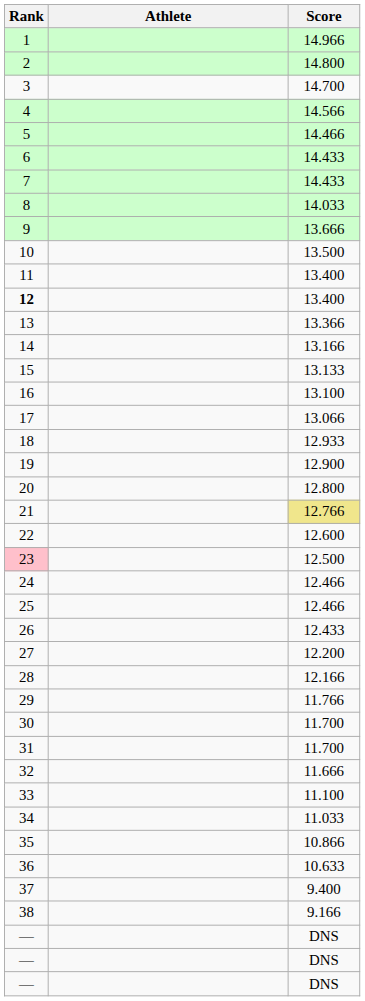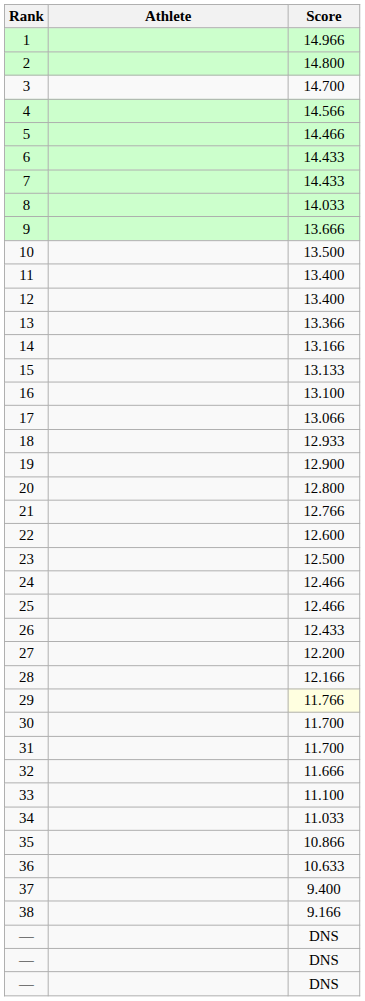 <table class=wikitable style="text-align:center">
 <tr>
 <th width=40>Rank</th>
 <th width=250>Athlete</th>
 <th width=70>Score</th>
 </tr>
 <tr bgcolor="ccffcc">
 <td>1</td>
 <td align=left></td>
 <td>14.966</td>
 </tr>
 <tr bgcolor="ccffcc">
 <td>2</td>
 <td align=left></td>
 <td>14.800</td>
 </tr>
 <tr>
 <td>3</td>
 <td align=left></td>
 <td>14.700</td>
 </tr>
 <tr bgcolor="ccffcc">
 <td>4</td>
 <td align=left></td>
 <td>14.566</td>
 </tr>
 <tr bgcolor="ccffcc">
 <td>5</td>
 <td align=left></td>
 <td>14.466</td>
 </tr>
 <tr bgcolor="ccffcc">
 <td>6</td>
 <td align=left></td>
 <td>14.433</td>
 </tr>
 <tr bgcolor="ccffcc">
 <td>7</td>
 <td align=left></td>
 <td>14.433</td>
 </tr>
 <tr bgcolor="ccffcc">
 <td>8</td>
 <td align=left></td>
 <td>14.033</td>
 </tr>
 <tr bgcolor="ccffcc">
 <td>9</td>
 <td align=left></td>
 <td>13.666</td>
 </tr>
 <tr>
 <td>10</td>
 <td align=left></td>
 <td>13.500</td>
 </tr>
 <tr>
 <td>11</td>
 <td align=left></td>
 <td>13.400</td>
 </tr>
 <tr>
-<td><strong>12</strong></td>
+<td>12</td>
 <td align=left></td>
 <td>13.400</td>
 </tr>
 <tr>
 <td>13</td>
 <td align=left></td>
 <td>13.366</td>
 </tr>
 <tr>
 <td>14</td>
 <td align=left></td>
 <td>13.166</td>
 </tr>
 <tr>
 <td>15</td>
 <td align=left></td>
 <td>13.133</td>
 </tr>
 <tr>
 <td>16</td>
 <td align=left></td>
 <td>13.100</td>
 </tr>
 <tr>
 <td>17</td>
 <td align=left></td>
 <td>13.066</td>
 </tr>
 <tr>
 <td>18</td>
 <td align=left></td>
 <td>12.933</td>
 </tr>
 <tr>
 <td>19</td>
 <td align=left></td>
 <td>12.900</td>
 </tr>
 <tr>
 <td>20</td>
 <td align=left></td>
 <td>12.800</td>
 </tr>
 <tr>
 <td>21</td>
 <td align=left></td>
-<td style="background: khaki;">12.766</td>
+<td>12.766</td>
 </tr>
 <tr>
 <td>22</td>
 <td align=left></td>
 <td>12.600</td>
 </tr>
 <tr>
-<td style="background: pink;">23</td>
+<td>23</td>
 <td align=left></td>
 <td>12.500</td>
 </tr>
 <tr>
 <td>24</td>
 <td align=left></td>
 <td>12.466</td>
 </tr>
 <tr>
 <td>25</td>
 <td align=left></td>
 <td>12.466</td>
 </tr>
 <tr>
 <td>26</td>
 <td align=left></td>
 <td>12.433</td>
 </tr>
 <tr>
 <td>27</td>
 <td align=left></td>
 <td>12.200</td>
 </tr>
 <tr>
 <td>28</td>
 <td align=left></td>
 <td>12.166</td>
 </tr>
 <tr>
 <td>29</td>
 <td align=left></td>
-<td>11.766</td>
+<td style="background: lightyellow;">11.766</td>
 </tr>
 <tr>
 <td>30</td>
 <td align=left></td>
 <td>11.700</td>
 </tr>
 <tr>
 <td>31</td>
 <td align=left></td>
 <td>11.700</td>
 </tr>
 <tr>
 <td>32</td>
 <td align=left></td>
 <td>11.666</td>
 </tr>
 <tr>
 <td>33</td>
 <td align=left></td>
 <td>11.100</td>
 </tr>
 <tr>
 <td>34</td>
 <td align=left></td>
 <td>11.033</td>
 </tr>
 <tr>
 <td>35</td>
 <td align=left></td>
 <td>10.866</td>
 </tr>
 <tr>
 <td>36</td>
 <td align=left></td>
 <td>10.633</td>
 </tr>
 <tr>
 <td>37</td>
 <td align=left></td>
 <td>9.400</td>
 </tr>
 <tr>
 <td>38</td>
 <td align=left></td>
 <td>9.166</td>
 </tr>
 <tr>
 <td>—</td>
 <td align=left></td>
 <td>DNS</td>
 </tr>
 <tr>
 <td>—</td>
 <td align=left></td>
 <td>DNS</td>
 </tr>
 <tr>
 <td>—</td>
 <td align=left></td>
 <td>DNS</td>
 </tr>
 </table>
